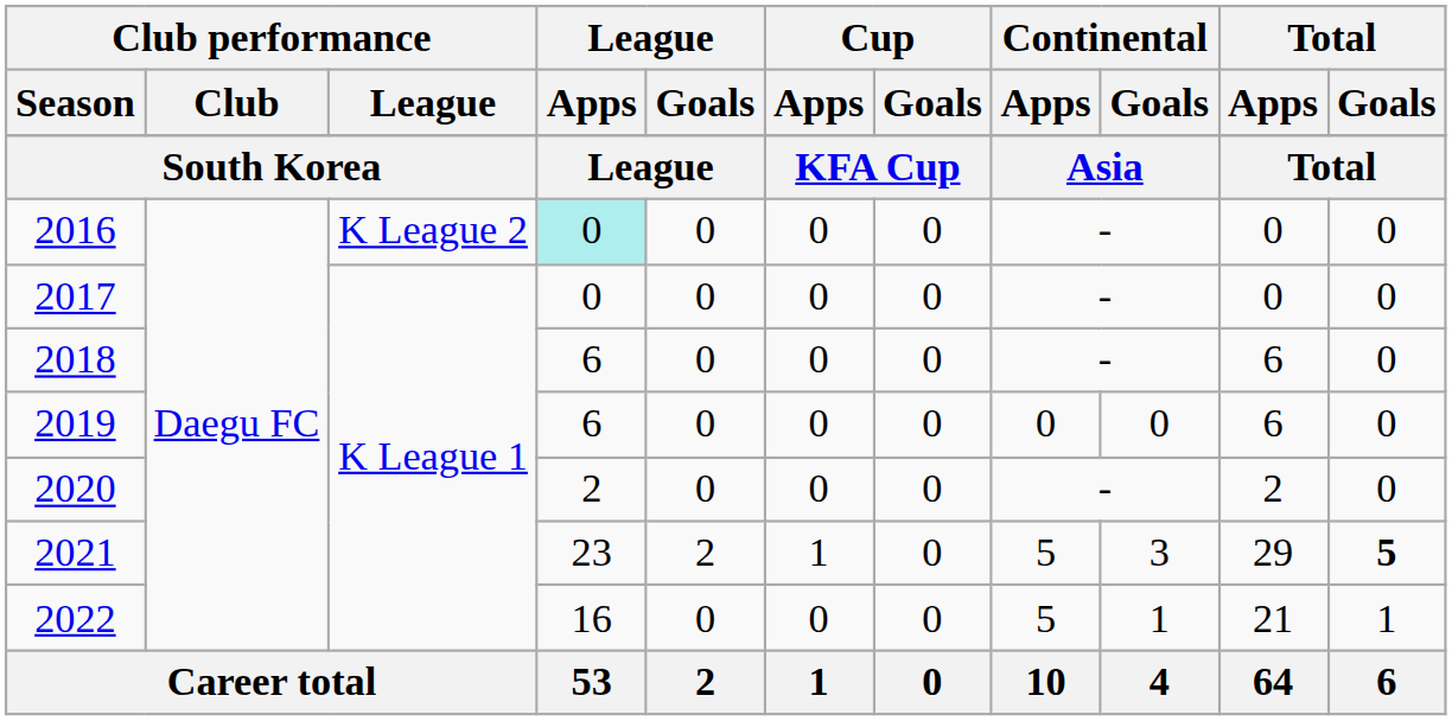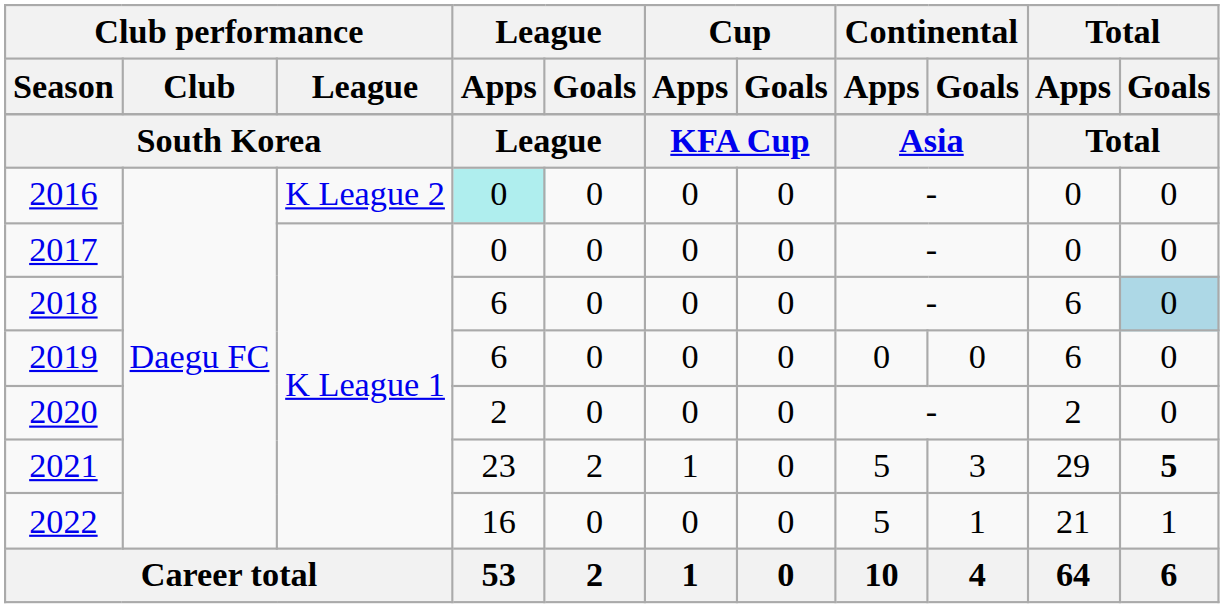 <table class="wikitable" style="text-align:center">
 <tr>
 <th colspan=3>Club performance</th>
 <th colspan=2>League</th>
 <th colspan=2>Cup</th>
 <th colspan=2>Continental</th>
 <th colspan=2>Total</th>
 </tr>
 <tr>
 <th>Season</th>
 <th>Club</th>
 <th>League</th>
 <th>Apps</th>
 <th>Goals</th>
 <th>Apps</th>
 <th>Goals</th>
 <th>Apps</th>
 <th>Goals</th>
 <th>Apps</th>
 <th>Goals</th>
 </tr>
 <tr>
 </tr>
 <tr>
 <th colspan=3>South Korea</th>
 <th colspan=2>League</th>
 <th colspan=2><a href='#'>KFA Cup</a></th>
 <th colspan=2><a href='#'>Asia</a></th>
 <th colspan=2>Total</th>
 </tr>
 <tr>
 <td><a href='#'>2016</a></td>
 <td rowspan="7"><a href='#'>Daegu FC</a></td>
 <td rowspan="1"><a href='#'>K League 2</a></td>
 <td style="background: paleturquoise;">0</td>
 <td>0</td>
 <td>0</td>
 <td>0</td>
 <td colspan="2">-</td>
 <td>0</td>
 <td>0</td>
 </tr>
 <tr>
 <td><a href='#'>2017</a></td>
 <td rowspan="6"><a href='#'>K League 1</a></td>
 <td>0</td>
 <td>0</td>
 <td>0</td>
 <td>0</td>
 <td colspan="2">-</td>
 <td>0</td>
 <td>0</td>
 </tr>
 <tr>
 <td><a href='#'>2018</a></td>
 <td>6</td>
 <td>0</td>
 <td>0</td>
 <td>0</td>
 <td colspan="2">-</td>
 <td>6</td>
-<td>0</td>
+<td style="background: lightblue;">0</td>
 </tr>
 <tr>
 <td><a href='#'>2019</a></td>
 <td>6</td>
 <td>0</td>
 <td>0</td>
 <td>0</td>
 <td>0</td>
 <td>0</td>
 <td>6</td>
 <td>0</td>
 </tr>
 <tr>
 <td><a href='#'>2020</a></td>
 <td>2</td>
 <td>0</td>
 <td>0</td>
 <td>0</td>
 <td colspan="2">-</td>
 <td>2</td>
 <td>0</td>
 </tr>
 <tr>
 <td><a href='#'>2021</a></td>
 <td>23</td>
 <td>2</td>
 <td>1</td>
 <td>0</td>
 <td>5</td>
 <td>3</td>
 <td>29</td>
 <td><strong>5</strong></td>
 </tr>
 <tr>
 <td><a href='#'>2022</a></td>
 <td>16</td>
 <td>0</td>
 <td>0</td>
 <td>0</td>
 <td>5</td>
 <td>1</td>
 <td>21</td>
 <td>1</td>
 </tr>
 <tr>
 <th colspan=3>Career total</th>
 <th>53</th>
 <th>2</th>
 <th>1</th>
 <th>0</th>
 <th>10</th>
 <th>4</th>
 <th>64</th>
 <th>6</th>
 </tr>
 </table>
